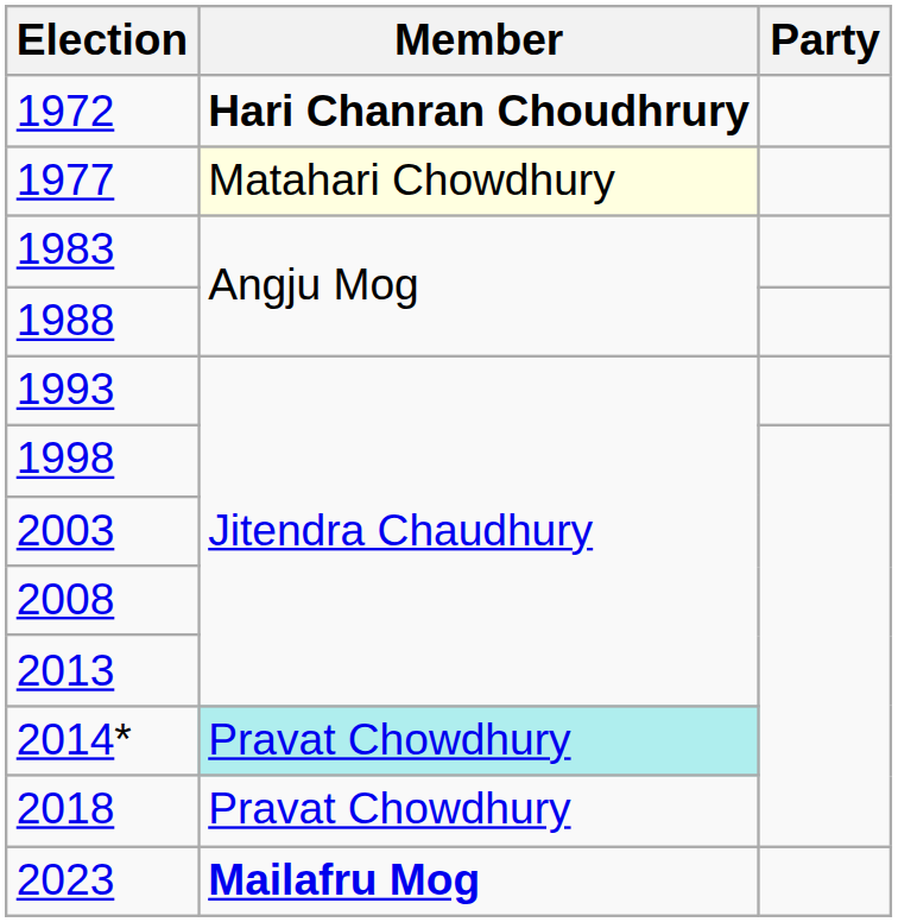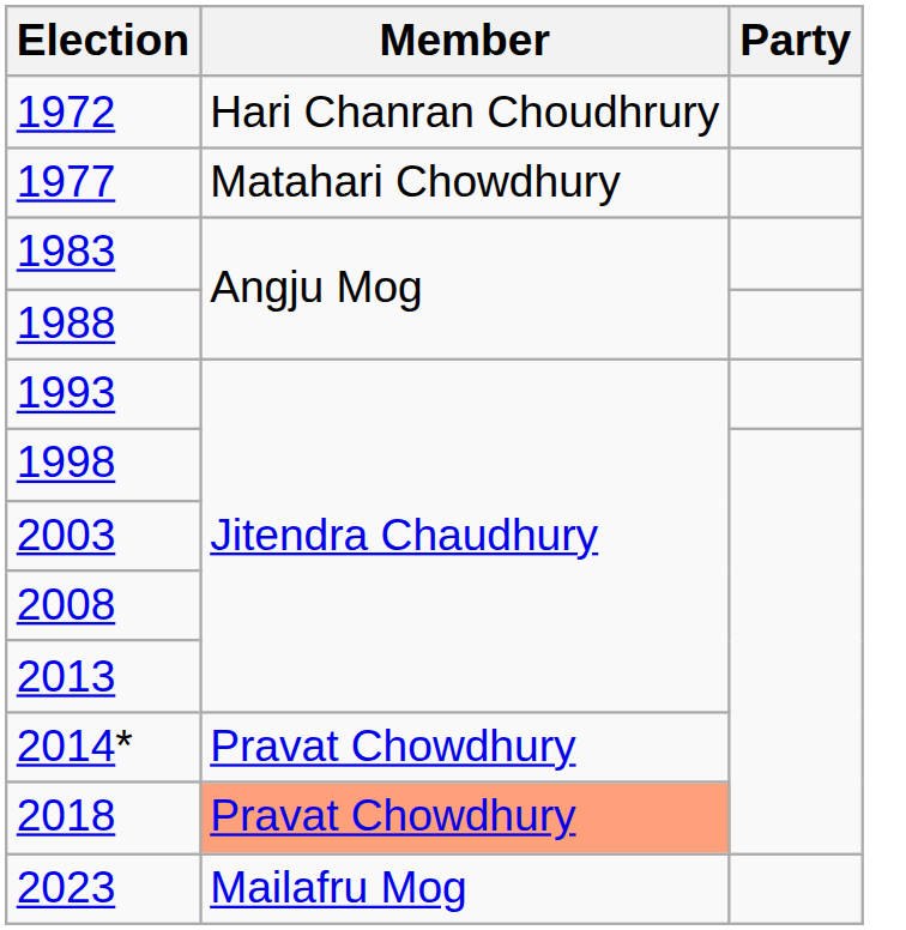 <table class="wikitable sortable">
 <tr>
 <th>Election</th>
 <th>Member</th>
 <th colspan=2>Party</th>
 </tr>
 <tr>
 <td><a href='#'>1972</a></td>
-<td><strong>Hari Chanran Choudhrury</strong></td>
+<td>Hari Chanran Choudhrury</td>
 <td></td>
 </tr>
 <tr>
 <td><a href='#'>1977</a></td>
-<td style="background: lightyellow;">Matahari Chowdhury</td>
+<td>Matahari Chowdhury</td>
 <td></td>
 </tr>
 <tr>
 <td><a href='#'>1983</a></td>
 <td rowspan=2>Angju Mog</td>
 <td></td>
 </tr>
 <tr>
 <td><a href='#'>1988</a></td>
 </tr>
 <tr>
 <td><a href='#'>1993</a></td>
 <td rowspan=5><a href='#'>Jitendra Chaudhury</a></td>
 <td></td>
 </tr>
 <tr>
 <td><a href='#'>1998</a></td>
 </tr>
 <tr>
 <td><a href='#'>2003</a></td>
 </tr>
 <tr>
 <td><a href='#'>2008</a></td>
 </tr>
 <tr>
 <td><a href='#'>2013</a></td>
 </tr>
 <tr>
 <td><a href='#'>2014</a>*</td>
-<td style="background: paleturquoise;"><a href='#'>Pravat Chowdhury</a></td>
+<td><a href='#'>Pravat Chowdhury</a></td>
 </tr>
 <tr>
 <td><a href='#'>2018</a></td>
-<td><a href='#'>Pravat Chowdhury</a></td>
+<td style="background: lightsalmon;"><a href='#'>Pravat Chowdhury</a></td>
 </tr>
 <tr>
 <td><a href='#'>2023</a></td>
-<td><strong><a href='#'>Mailafru Mog</a></strong></td>
+<td><a href='#'>Mailafru Mog</a></td>
 <td></td>
 </tr>
 </table>
